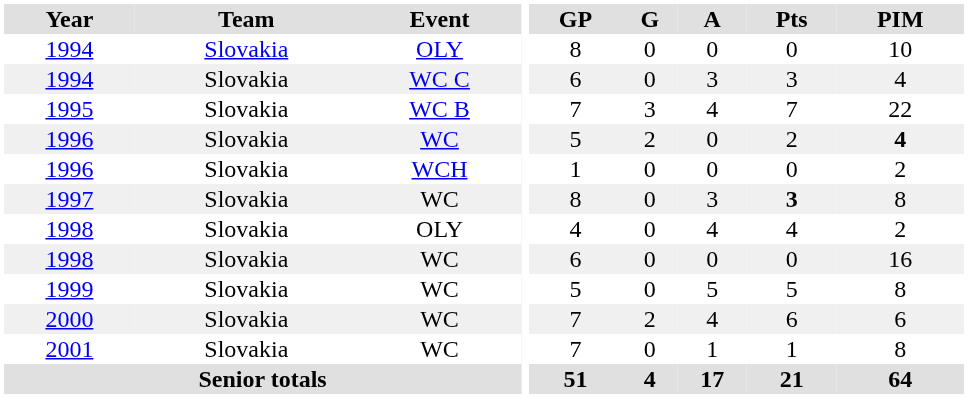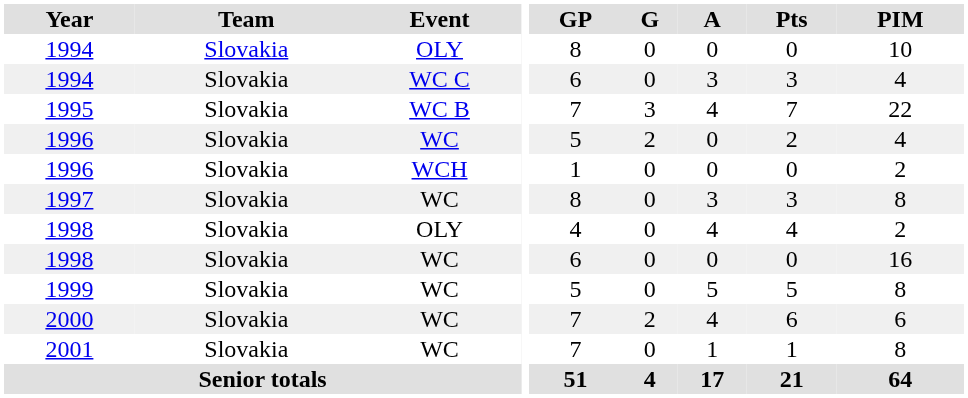 <table border="0" cellpadding="1" cellspacing="0" ID="Table3" style="text-align:center; width:40em">
 <tr bgcolor="#e0e0e0">
 <th>Year</th>
 <th>Team</th>
 <th>Event</th>
 <th rowspan="102" bgcolor="#ffffff"></th>
 <th>GP</th>
 <th>G</th>
 <th>A</th>
 <th>Pts</th>
 <th>PIM</th>
 </tr>
 <tr>
 <td><a href='#'>1994</a></td>
 <td><a href='#'>Slovakia</a></td>
 <td><a href='#'>OLY</a></td>
 <td>8</td>
 <td>0</td>
 <td>0</td>
 <td>0</td>
 <td>10</td>
 </tr>
 <tr bgcolor="#f0f0f0">
 <td><a href='#'>1994</a></td>
 <td>Slovakia</td>
 <td><a href='#'>WC C</a></td>
 <td>6</td>
 <td>0</td>
 <td>3</td>
 <td>3</td>
 <td>4</td>
 </tr>
 <tr>
 <td><a href='#'>1995</a></td>
 <td>Slovakia</td>
 <td><a href='#'>WC B</a></td>
 <td>7</td>
 <td>3</td>
 <td>4</td>
 <td>7</td>
 <td>22</td>
 </tr>
 <tr bgcolor="#f0f0f0">
 <td><a href='#'>1996</a></td>
 <td>Slovakia</td>
 <td><a href='#'>WC</a></td>
 <td>5</td>
 <td>2</td>
 <td>0</td>
 <td>2</td>
-<td><strong>4</strong></td>
+<td>4</td>
 </tr>
 <tr>
 <td><a href='#'>1996</a></td>
 <td>Slovakia</td>
 <td><a href='#'>WCH</a></td>
 <td>1</td>
 <td>0</td>
 <td>0</td>
 <td>0</td>
 <td>2</td>
 </tr>
 <tr bgcolor="#f0f0f0">
 <td><a href='#'>1997</a></td>
 <td>Slovakia</td>
 <td>WC</td>
 <td>8</td>
 <td>0</td>
 <td>3</td>
-<td><strong>3</strong></td>
+<td>3</td>
 <td>8</td>
 </tr>
 <tr>
 <td><a href='#'>1998</a></td>
 <td>Slovakia</td>
 <td>OLY</td>
 <td>4</td>
 <td>0</td>
 <td>4</td>
 <td>4</td>
 <td>2</td>
 </tr>
 <tr bgcolor="#f0f0f0">
 <td><a href='#'>1998</a></td>
 <td>Slovakia</td>
 <td>WC</td>
 <td>6</td>
 <td>0</td>
 <td>0</td>
 <td>0</td>
 <td>16</td>
 </tr>
 <tr>
 <td><a href='#'>1999</a></td>
 <td>Slovakia</td>
 <td>WC</td>
 <td>5</td>
 <td>0</td>
 <td>5</td>
 <td>5</td>
 <td>8</td>
 </tr>
 <tr bgcolor="#f0f0f0">
 <td><a href='#'>2000</a></td>
 <td>Slovakia</td>
 <td>WC</td>
 <td>7</td>
 <td>2</td>
 <td>4</td>
 <td>6</td>
 <td>6</td>
 </tr>
 <tr>
 <td><a href='#'>2001</a></td>
 <td>Slovakia</td>
 <td>WC</td>
 <td>7</td>
 <td>0</td>
 <td>1</td>
 <td>1</td>
 <td>8</td>
 </tr>
 <tr bgcolor="#e0e0e0">
 <th colspan="3">Senior totals</th>
 <th>51</th>
 <th>4</th>
 <th>17</th>
 <th>21</th>
 <th>64</th>
 </tr>
 </table>
